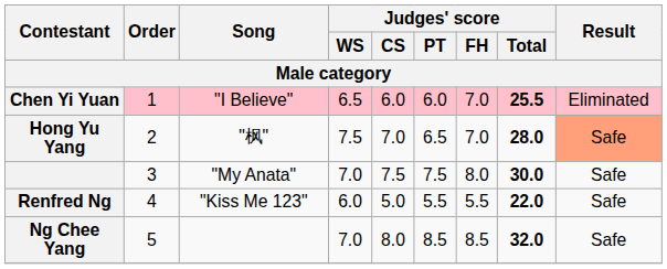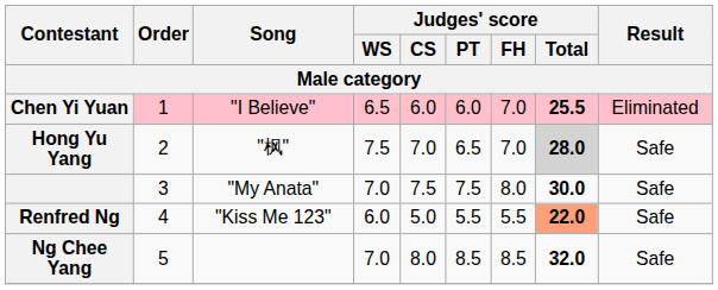 <table class="wikitable plainrowheaders" style="text-align:center;">
 <tr>
 <th rowspan=2 scope="col" style="width:8em;">Contestant</th>
 <th rowspan=2 scope="col">Order</th>
 <th rowspan=2 scope="col" style="width:14em;">Song</th>
 <th colspan=5 scope="col">Judges' score</th>
 <th rowspan=2 scope="col" style="width:7em;">Result</th>
 </tr>
 <tr>
 <th style="width:2.7em;">WS</th>
 <th style="width:2.7em;">CS</th>
 <th style="width:2.7em;">PT</th>
 <th style="width:2.7em;">FH</th>
 <th style="width:3.6em;">Total</th>
 </tr>
 <tr>
 <th colspan=9>Male category</th>
 </tr>
 <tr style="background:pink;">
 <th scope="row">Chen Yi Yuan</th>
 <td>1</td>
 <td>"I Believe"</td>
 <td>6.5</td>
 <td>6.0</td>
 <td>6.0</td>
 <td>7.0</td>
 <td><strong>25.5</strong></td>
 <td>Eliminated</td>
 </tr>
 <tr>
 <th scope="row">Hong Yu Yang</th>
 <td>2</td>
 <td>"枫"</td>
 <td>7.5</td>
 <td>7.0</td>
 <td>6.5</td>
 <td>7.0</td>
-<td><strong>28.0</strong></td>
-<td style="background: lightsalmon;">Safe</td>
+<td style="background: lightgrey;"><strong>28.0</strong></td>
+<td>Safe</td>
 </tr>
 <tr>
 <th scope="row"></th>
 <td>3</td>
 <td>"My Anata"</td>
 <td>7.0</td>
 <td>7.5</td>
 <td>7.5</td>
 <td>8.0</td>
 <td><strong>30.0</strong></td>
 <td>Safe</td>
 </tr>
 <tr>
 <th scope="row">Renfred Ng</th>
 <td>4</td>
 <td>"Kiss Me 123"</td>
 <td>6.0</td>
 <td>5.0</td>
 <td>5.5</td>
 <td>5.5</td>
-<td><strong>22.0</strong></td>
+<td style="background: lightsalmon;"><strong>22.0</strong></td>
 <td>Safe</td>
 </tr>
 <tr>
 <th scope="row">Ng Chee Yang</th>
 <td>5</td>
 <td></td>
 <td>7.0</td>
 <td>8.0</td>
 <td>8.5</td>
 <td>8.5</td>
 <td><strong>32.0</strong></td>
 <td>Safe</td>
 </tr>
 <tr>
 </tr>
 </table>
